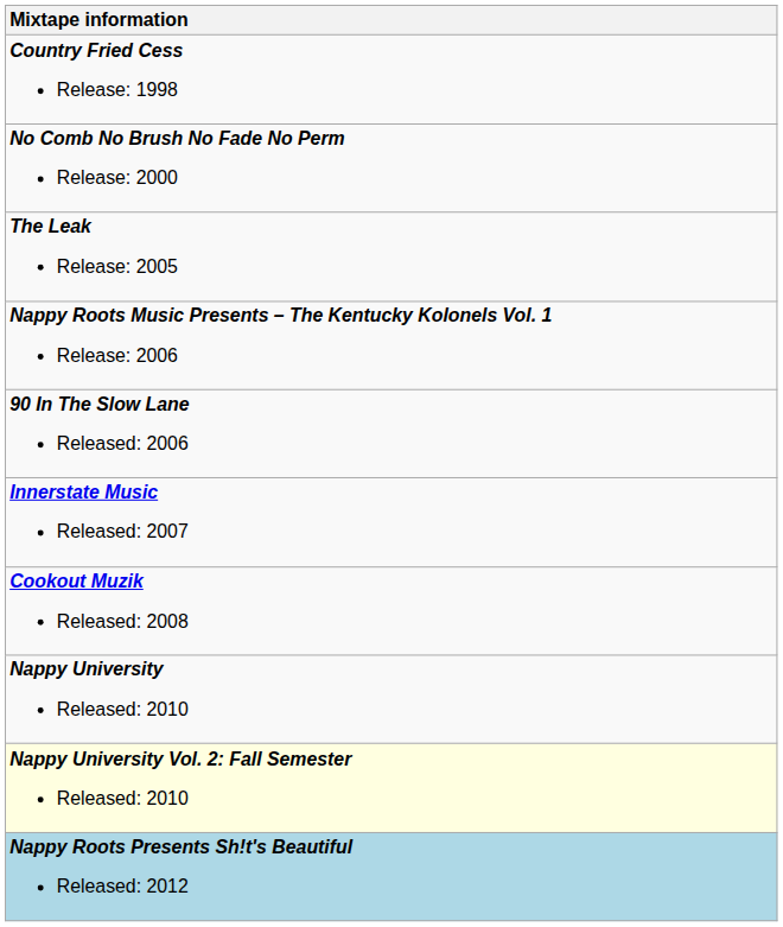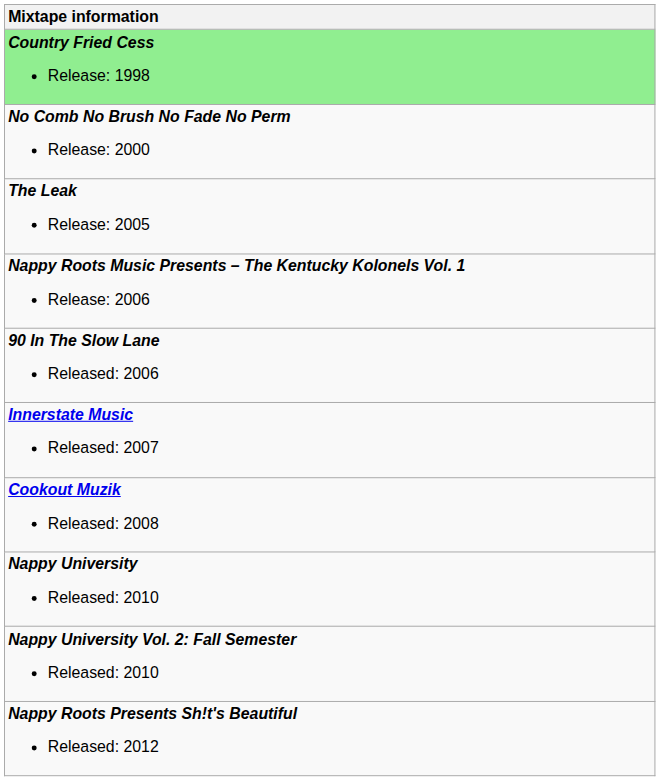 <table class="wikitable">
 <tr>
 <th style="text-align:left; width:650px;">Mixtape information</th>
 </tr>
 <tr>
-<td align="left"><strong><em>Country Fried Cess</em></strong><br><ul><li>Release: 1998</li></ul></td>
+<td align="left" style="background: lightgreen;"><strong><em>Country Fried Cess</em></strong><br><ul><li>Release: 1998</li></ul></td>
 </tr>
 <tr>
 <td align="left"><strong><em>No Comb No Brush No Fade No Perm</em></strong><br><ul><li>Release: 2000</li></ul></td>
 </tr>
 <tr>
 <td align="left"><strong><em>The Leak</em></strong><br><ul><li>Release: 2005</li></ul></td>
 </tr>
 <tr>
 <td align="left"><strong><em>Nappy Roots Music Presents – The Kentucky Kolonels Vol. 1</em></strong><br><ul><li>Release: 2006</li></ul></td>
 </tr>
 <tr>
 <td align="left"><strong><em>90 In The Slow Lane</em></strong><br><ul><li>Released: 2006</li></ul></td>
 </tr>
 <tr>
 <td align="left"><strong><em><a href='#'>Innerstate Music</a></em></strong><br><ul><li>Released: 2007</li></ul></td>
 </tr>
 <tr>
 <td align="left"><strong><em><a href='#'>Cookout Muzik</a></em></strong><br><ul><li>Released: 2008</li></ul></td>
 </tr>
 <tr>
 <td align="left"><strong><em>Nappy University</em></strong><br><ul><li>Released: 2010</li></ul></td>
 </tr>
 <tr>
-<td align="left" style="background: lightyellow;"><strong><em>Nappy University Vol. 2: Fall Semester</em></strong><br><ul><li>Released: 2010</li></ul></td>
+<td align="left"><strong><em>Nappy University Vol. 2: Fall Semester</em></strong><br><ul><li>Released: 2010</li></ul></td>
 </tr>
 <tr>
-<td align="left" style="background: lightblue;"><strong><em>Nappy Roots Presents Sh!t's Beautiful</em></strong><br><ul><li>Released: 2012</li></ul></td>
+<td align="left"><strong><em>Nappy Roots Presents Sh!t's Beautiful</em></strong><br><ul><li>Released: 2012</li></ul></td>
 </tr>
 </table>
